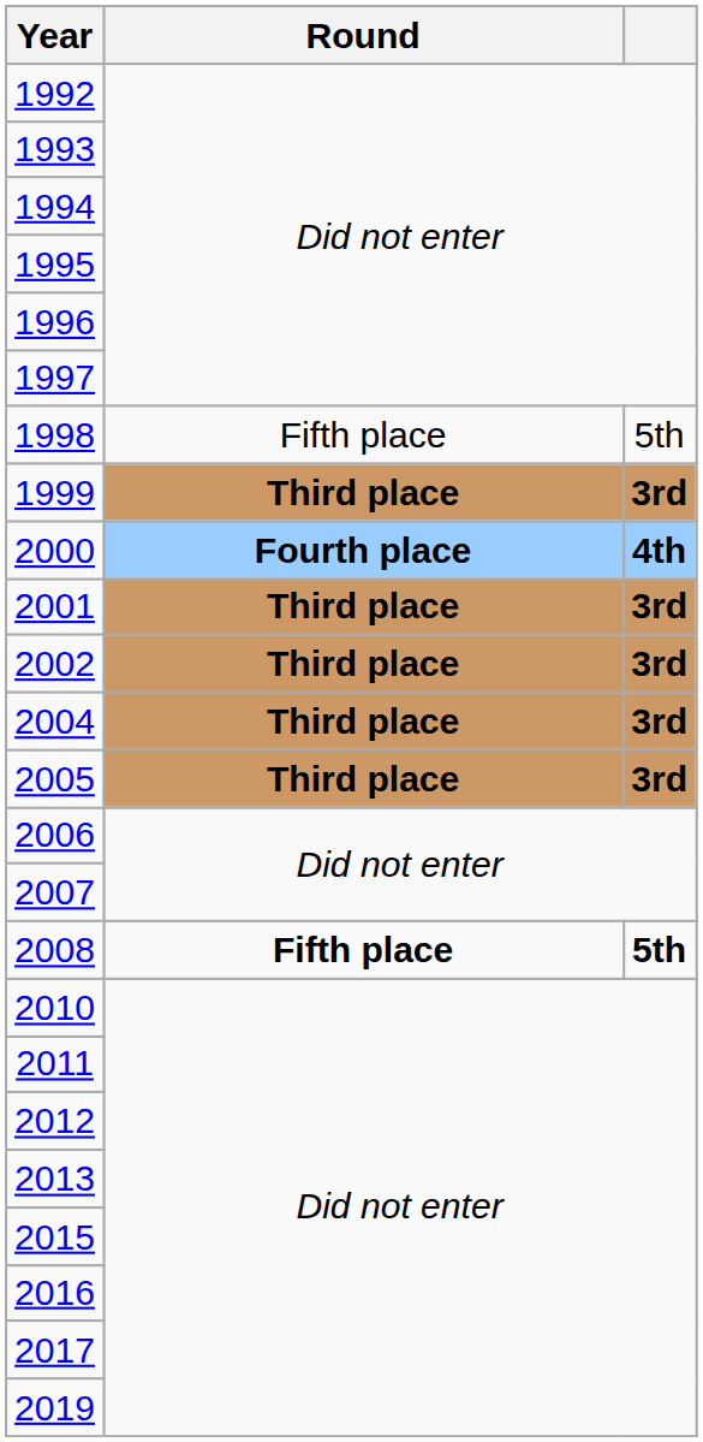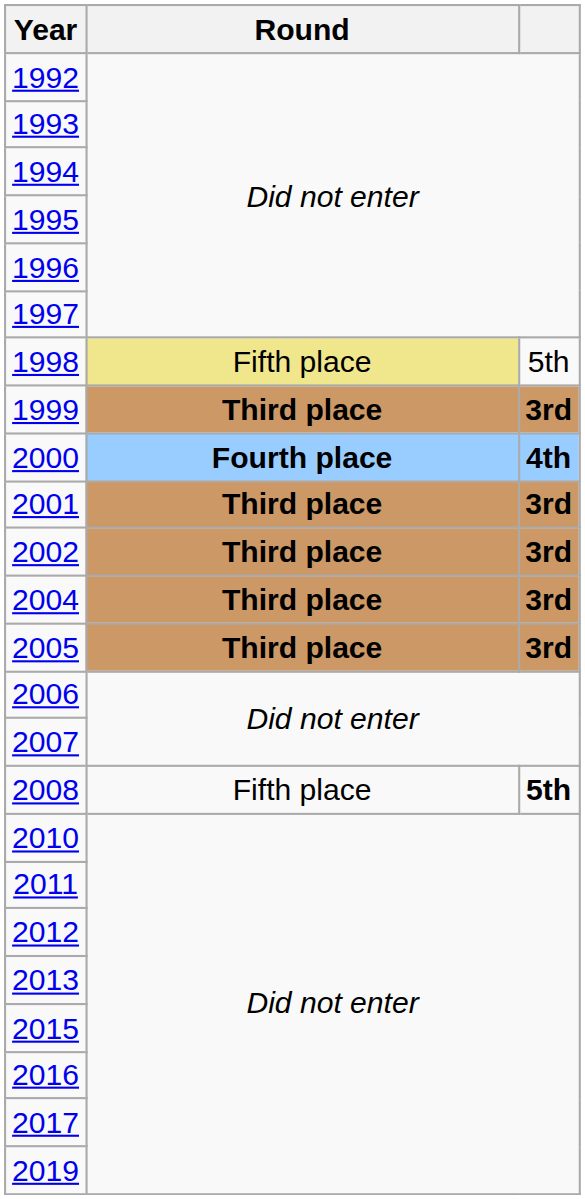 <table class="wikitable" style="text-align: center; font-size:90%">
 <tr>
 <th>Year</th>
 <th style="width:200px">Round</th>
 <th></th>
 </tr>
 <tr>
 <td><a href='#'>1992</a></td>
 <td colspan="2" rowspan="6"><em>Did not enter</em></td>
 </tr>
 <tr>
 <td><a href='#'>1993</a></td>
 </tr>
 <tr>
 <td><a href='#'>1994</a></td>
 </tr>
 <tr>
 <td><a href='#'>1995</a></td>
 </tr>
 <tr>
 <td><a href='#'>1996</a></td>
 </tr>
 <tr>
 <td><a href='#'>1997</a></td>
 </tr>
 <tr>
 <td><a href='#'>1998</a></td>
-<td>Fifth place</td>
+<td style="background: khaki;">Fifth place</td>
 <td>5th</td>
 </tr>
 <tr>
 <td><a href='#'>1999</a></td>
 <td bgcolor="cc9966"><strong>Third place</strong></td>
 <td bgcolor="cc9966"><strong>3rd</strong></td>
 </tr>
 <tr>
 <td><a href='#'>2000</a></td>
 <td bgcolor="9acdff"><strong>Fourth place</strong></td>
 <td bgcolor="9acdff"><strong>4th</strong></td>
 </tr>
 <tr>
 <td><a href='#'>2001</a></td>
 <td bgcolor="cc9966"><strong>Third place</strong></td>
 <td bgcolor="cc9966"><strong>3rd</strong></td>
 </tr>
 <tr>
 <td><a href='#'>2002</a></td>
 <td bgcolor="cc9966"><strong>Third place</strong></td>
 <td bgcolor="cc9966"><strong>3rd</strong></td>
 </tr>
 <tr>
 <td><a href='#'>2004</a></td>
 <td bgcolor="cc9966"><strong>Third place</strong></td>
 <td bgcolor="cc9966"><strong>3rd</strong></td>
 </tr>
 <tr>
 <td><a href='#'>2005</a></td>
 <td bgcolor="cc9966"><strong>Third place</strong></td>
 <td bgcolor="cc9966"><strong>3rd</strong></td>
 </tr>
 <tr>
 <td><a href='#'>2006</a></td>
 <td colspan="2" rowspan="2"><em>Did not enter</em></td>
 </tr>
 <tr>
 <td><a href='#'>2007</a></td>
 </tr>
 <tr>
 <td><a href='#'>2008</a></td>
-<td><strong>Fifth place</strong></td>
+<td>Fifth place</td>
 <td><strong>5th</strong></td>
 </tr>
 <tr>
 <td><a href='#'>2010</a></td>
 <td colspan="2" rowspan="8"><em>Did not enter</em></td>
 </tr>
 <tr>
 <td><a href='#'>2011</a></td>
 </tr>
 <tr>
 <td><a href='#'>2012</a></td>
 </tr>
 <tr>
 <td><a href='#'>2013</a></td>
 </tr>
 <tr>
 <td><a href='#'>2015</a></td>
 </tr>
 <tr>
 <td><a href='#'>2016</a></td>
 </tr>
 <tr>
 <td><a href='#'>2017</a></td>
 </tr>
 <tr>
 <td><a href='#'>2019</a></td>
 </tr>
 </table>
